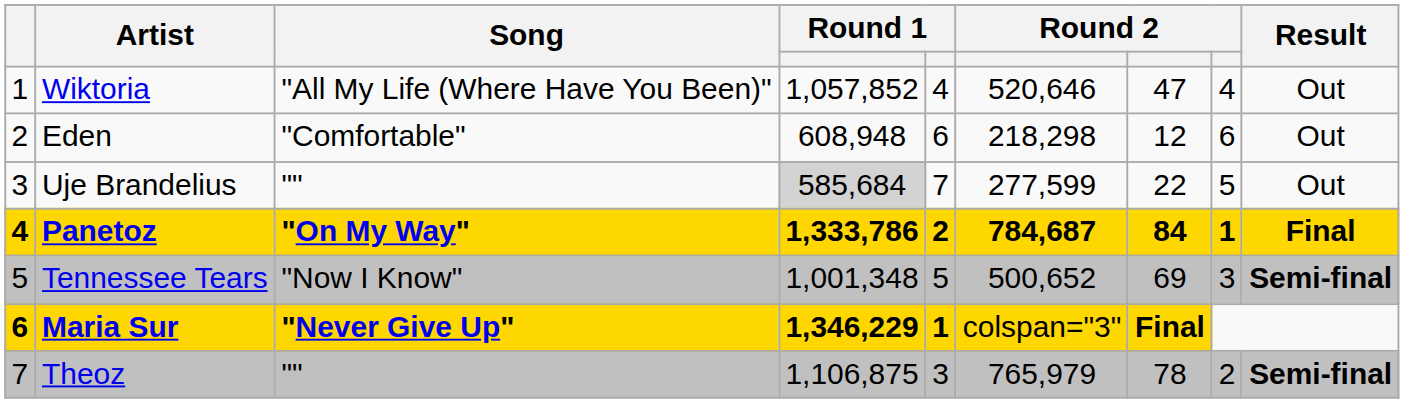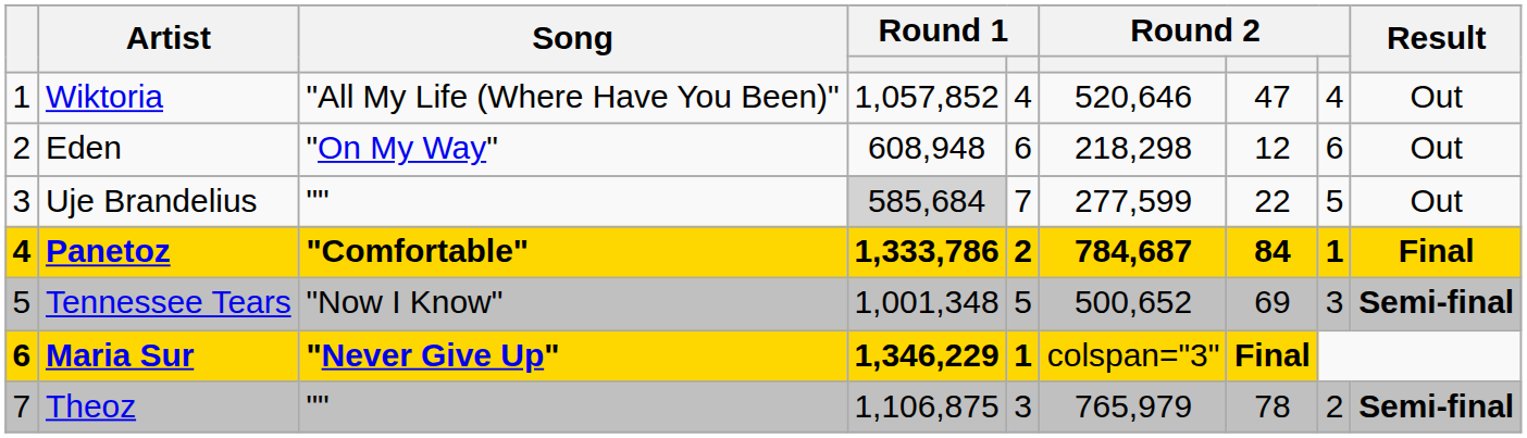 <table class="sortable wikitable" style="margin: 1em auto 1em auto; text-align:center;">
 <tr>
 <th rowspan="2"></th>
 <th rowspan="2">Artist</th>
 <th rowspan="2">Song</th>
 <th colspan="2">Round 1</th>
 <th colspan="3">Round 2</th>
 <th rowspan="2" class="unsortable">Result</th>
 </tr>
 <tr>
 <th></th>
 <th></th>
 <th></th>
 <th></th>
 <th></th>
 </tr>
 <tr>
 <td>1</td>
 <td align="left"><a href='#'>Wiktoria</a></td>
 <td align="left">"All My Life (Where Have You Been)"</td>
 <td>1,057,852</td>
 <td>4</td>
 <td>520,646</td>
 <td>47</td>
 <td>4</td>
 <td>Out</td>
 </tr>
 <tr>
 <td>2</td>
 <td align="left">Eden</td>
-<td align="left">"Comfortable"</td>
+<td align="left">"<a href='#'>On My Way</a>"</td>
 <td>608,948</td>
 <td>6</td>
 <td>218,298</td>
 <td>12</td>
 <td>6</td>
 <td>Out</td>
 </tr>
 <tr>
 <td>3</td>
 <td align="left">Uje Brandelius</td>
 <td align="left">""</td>
 <td style="background: lightgrey;">585,684</td>
 <td>7</td>
 <td>277,599</td>
 <td>22</td>
 <td>5</td>
 <td>Out</td>
 </tr>
 <tr style="background:gold;font-weight:bold;">
 <td>4</td>
 <td align="left"><a href='#'>Panetoz</a></td>
-<td align="left">"<a href='#'>On My Way</a>"</td>
+<td align="left">"Comfortable"</td>
 <td>1,333,786</td>
 <td>2</td>
 <td>784,687</td>
 <td>84</td>
 <td>1</td>
 <td>Final</td>
 </tr>
 <tr style="background:silver;">
 <td>5</td>
 <td align="left"><a href='#'>Tennessee Tears</a></td>
 <td align="left">"Now I Know"</td>
 <td>1,001,348</td>
 <td>5</td>
 <td>500,652</td>
 <td>69</td>
 <td>3</td>
 <td><strong>Semi-final</strong></td>
 </tr>
 <tr style="background:gold;">
 <td><strong>6</strong></td>
 <td align="left"><strong><a href='#'>Maria Sur</a></strong></td>
 <td align="left"><strong>"<a href='#'>Never Give Up</a>"</strong></td>
 <td><strong>1,346,229</strong></td>
 <td><strong>1</strong></td>
 <td>colspan="3" </td>
 <td><strong>Final</strong></td>
 </tr>
 <tr style="background:silver;">
 <td>7</td>
 <td align="left"><a href='#'>Theoz</a></td>
 <td align="left">""</td>
 <td>1,106,875</td>
 <td>3</td>
 <td>765,979</td>
 <td>78</td>
 <td>2</td>
 <td><strong>Semi-final</strong></td>
 </tr>
 </table>
